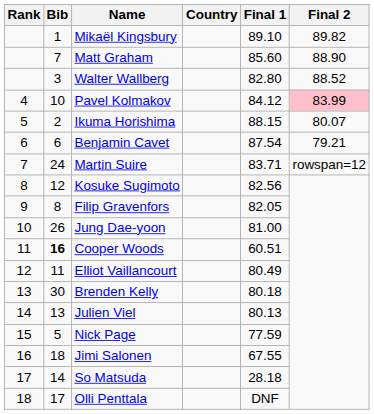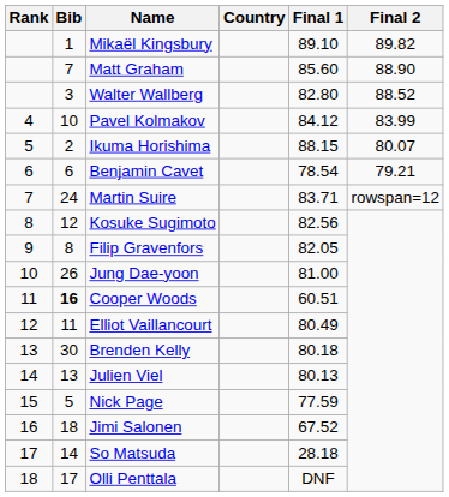 <table class="wikitable sortable" style="text-align:center">
 <tr>
 <th>Rank</th>
 <th>Bib</th>
 <th>Name</th>
 <th>Country</th>
 <th>Final 1</th>
 <th>Final 2</th>
 </tr>
 <tr>
 <td></td>
 <td>1</td>
 <td align=left><a href='#'>Mikaël Kingsbury</a></td>
 <td align=left></td>
 <td>89.10</td>
 <td>89.82</td>
 </tr>
 <tr>
 <td></td>
 <td>7</td>
 <td align=left><a href='#'>Matt Graham</a></td>
 <td align=left></td>
 <td>85.60</td>
 <td>88.90</td>
 </tr>
 <tr>
 <td></td>
 <td>3</td>
 <td align=left><a href='#'>Walter Wallberg</a></td>
 <td align=left></td>
 <td>82.80</td>
 <td>88.52</td>
 </tr>
 <tr>
 <td>4</td>
 <td>10</td>
 <td align=left><a href='#'>Pavel Kolmakov</a></td>
 <td align=left></td>
 <td>84.12</td>
-<td style="background: pink;">83.99</td>
+<td>83.99</td>
 </tr>
 <tr>
 <td>5</td>
 <td>2</td>
 <td align=left><a href='#'>Ikuma Horishima</a></td>
 <td align=left></td>
 <td>88.15</td>
 <td>80.07</td>
 </tr>
 <tr>
 <td>6</td>
 <td>6</td>
 <td align=left><a href='#'>Benjamin Cavet</a></td>
 <td align=left></td>
-<td>87.54</td>
+<td>78.54</td>
 <td>79.21</td>
 </tr>
 <tr>
 <td>7</td>
 <td>24</td>
 <td align=left><a href='#'>Martin Suire</a></td>
 <td align=left></td>
 <td>83.71</td>
 <td>rowspan=12 </td>
 </tr>
 <tr>
 <td>8</td>
 <td>12</td>
 <td align=left><a href='#'>Kosuke Sugimoto</a></td>
 <td align=left></td>
 <td>82.56</td>
 </tr>
 <tr>
 <td>9</td>
 <td>8</td>
 <td align=left><a href='#'>Filip Gravenfors</a></td>
 <td align=left></td>
 <td>82.05</td>
 </tr>
 <tr>
 <td>10</td>
 <td>26</td>
 <td align=left><a href='#'>Jung Dae-yoon</a></td>
 <td align=left></td>
 <td>81.00</td>
 </tr>
 <tr>
 <td>11</td>
 <td><strong>16</strong></td>
 <td align=left><a href='#'>Cooper Woods</a></td>
 <td align=left></td>
 <td>60.51</td>
 </tr>
 <tr>
 <td>12</td>
 <td>11</td>
 <td align=left><a href='#'>Elliot Vaillancourt</a></td>
 <td align=left></td>
 <td>80.49</td>
 </tr>
 <tr>
 <td>13</td>
 <td>30</td>
 <td align=left><a href='#'>Brenden Kelly</a></td>
 <td align=left></td>
 <td>80.18</td>
 </tr>
 <tr>
 <td>14</td>
 <td>13</td>
 <td align=left><a href='#'>Julien Viel</a></td>
 <td align=left></td>
 <td>80.13</td>
 </tr>
 <tr>
 <td>15</td>
 <td>5</td>
 <td align=left><a href='#'>Nick Page</a></td>
 <td align=left></td>
 <td>77.59</td>
 </tr>
 <tr>
 <td>16</td>
 <td>18</td>
 <td align=left><a href='#'>Jimi Salonen</a></td>
 <td align=left></td>
-<td>67.55</td>
+<td>67.52</td>
 </tr>
 <tr>
 <td>17</td>
 <td>14</td>
 <td align=left><a href='#'>So Matsuda</a></td>
 <td align=left></td>
 <td>28.18</td>
 </tr>
 <tr>
 <td>18</td>
 <td>17</td>
 <td align=left><a href='#'>Olli Penttala</a></td>
 <td align=left></td>
 <td>DNF</td>
 </tr>
 </table>
